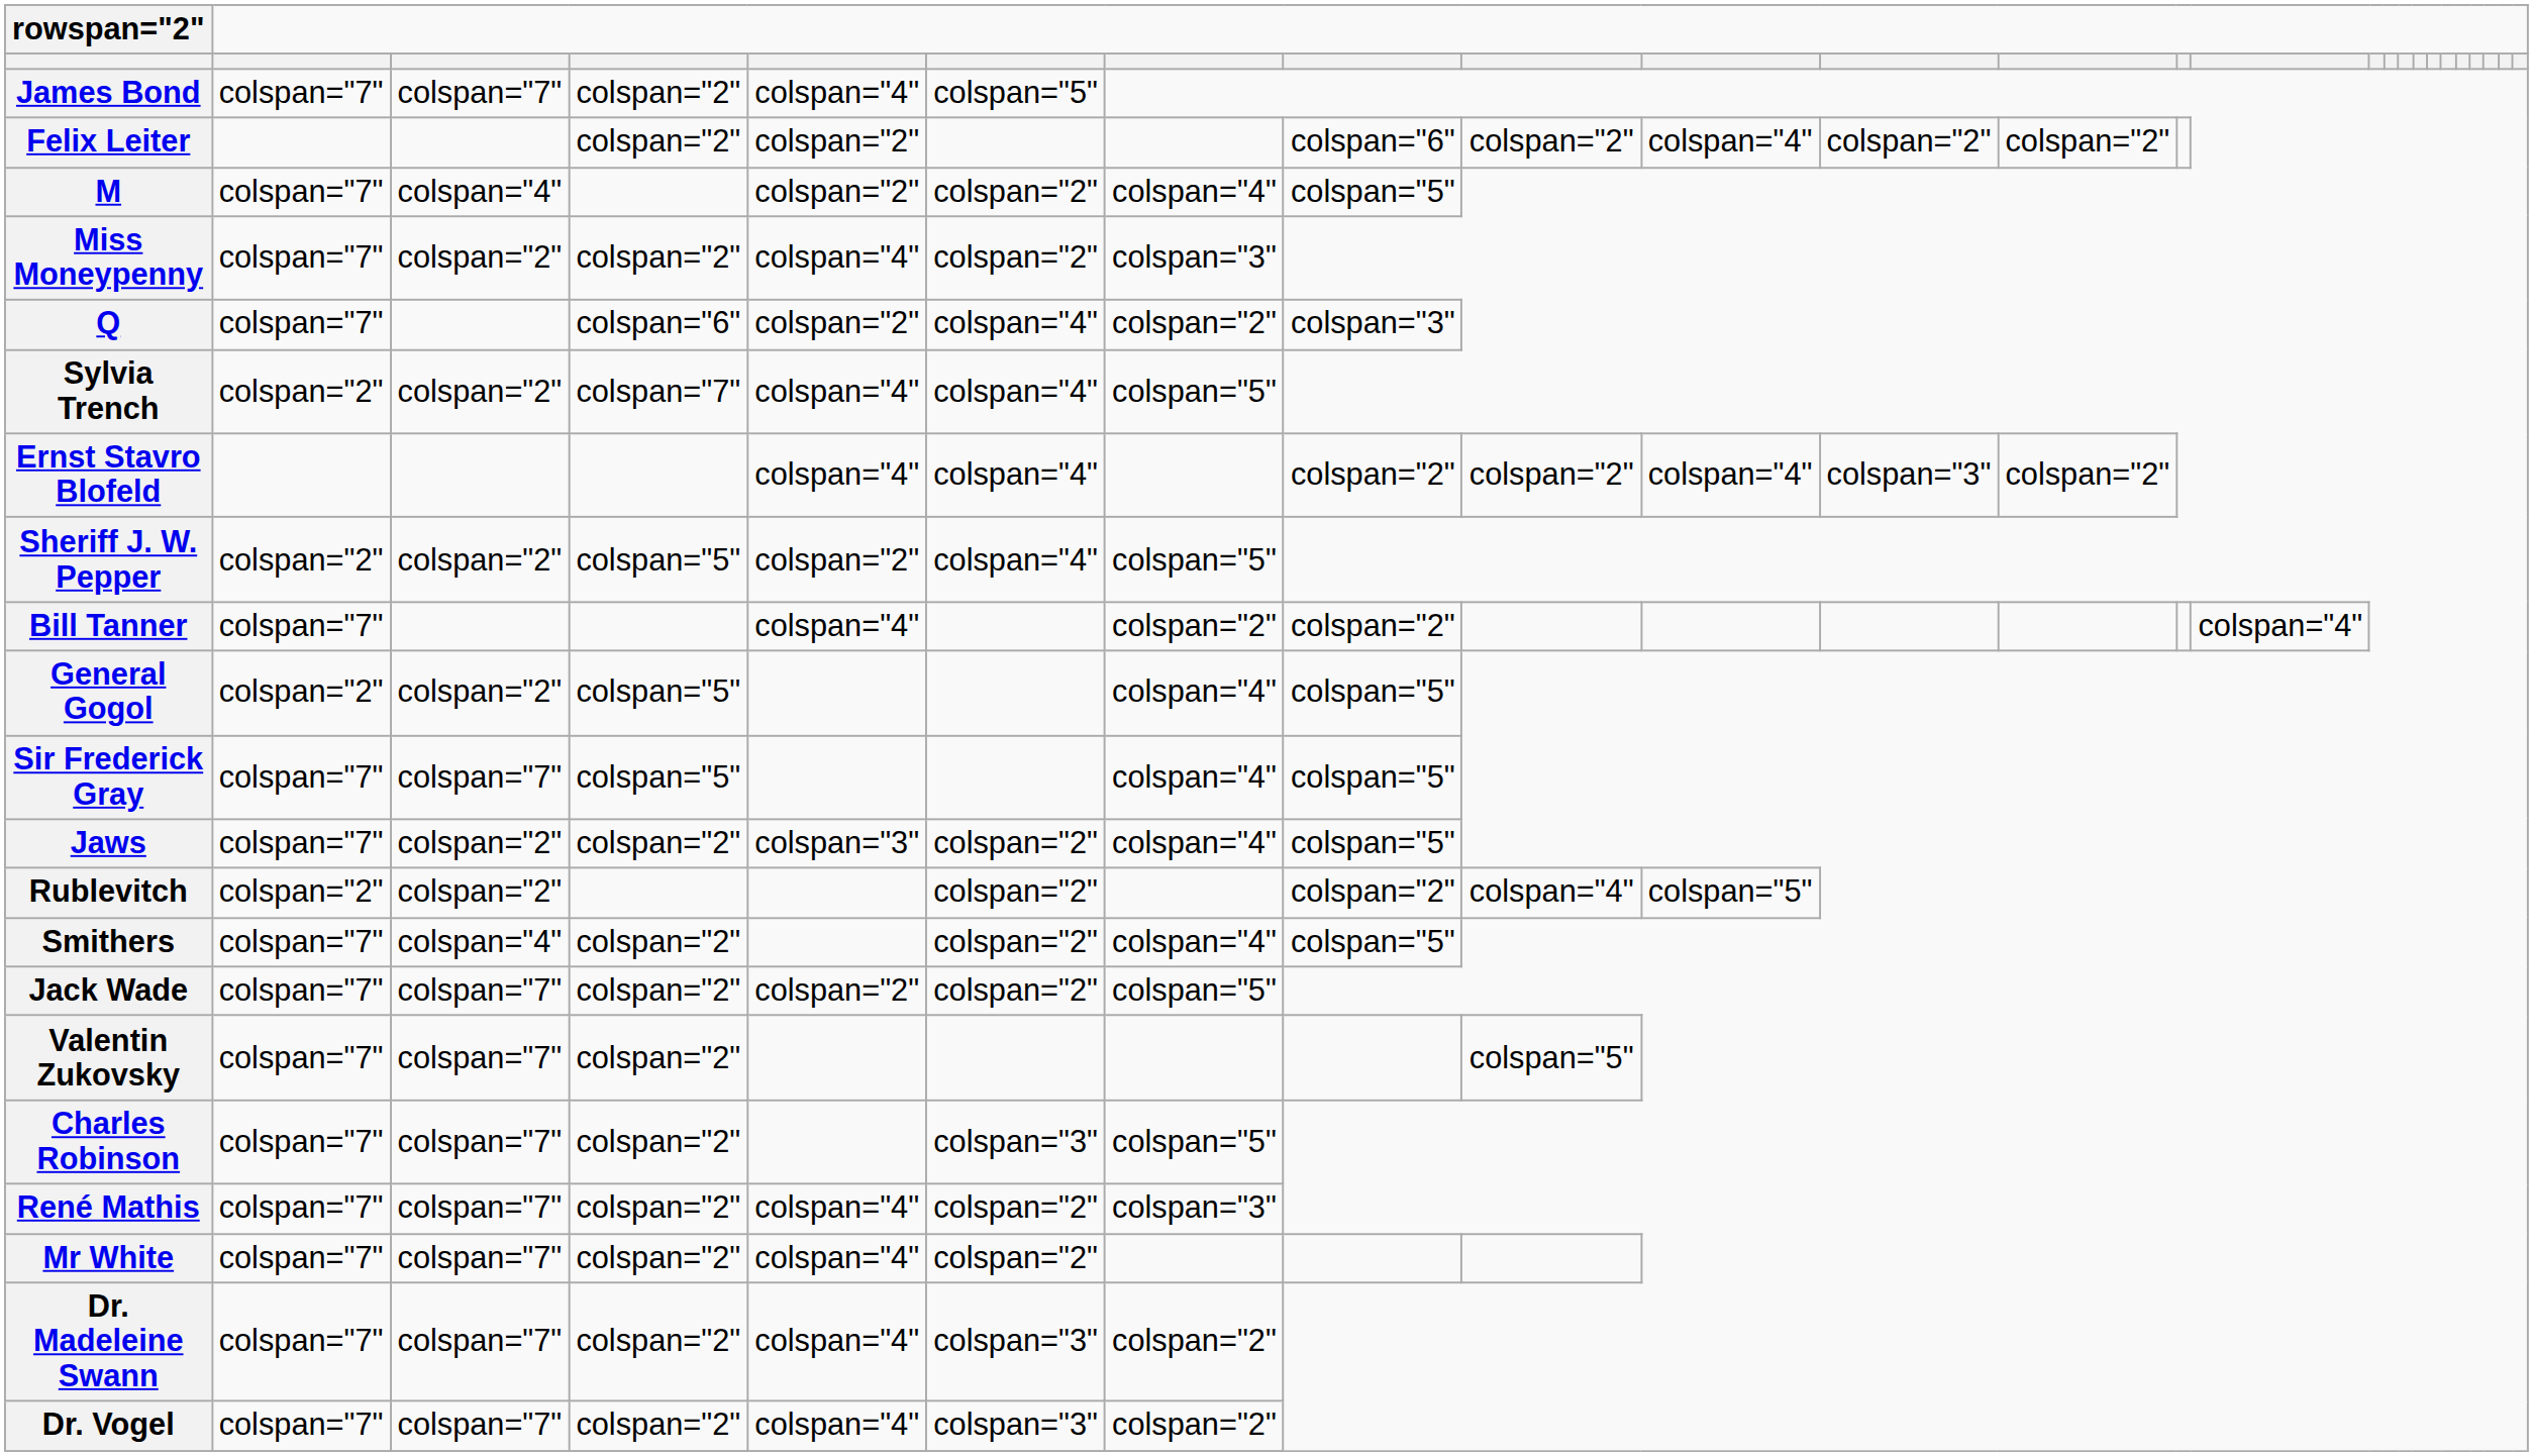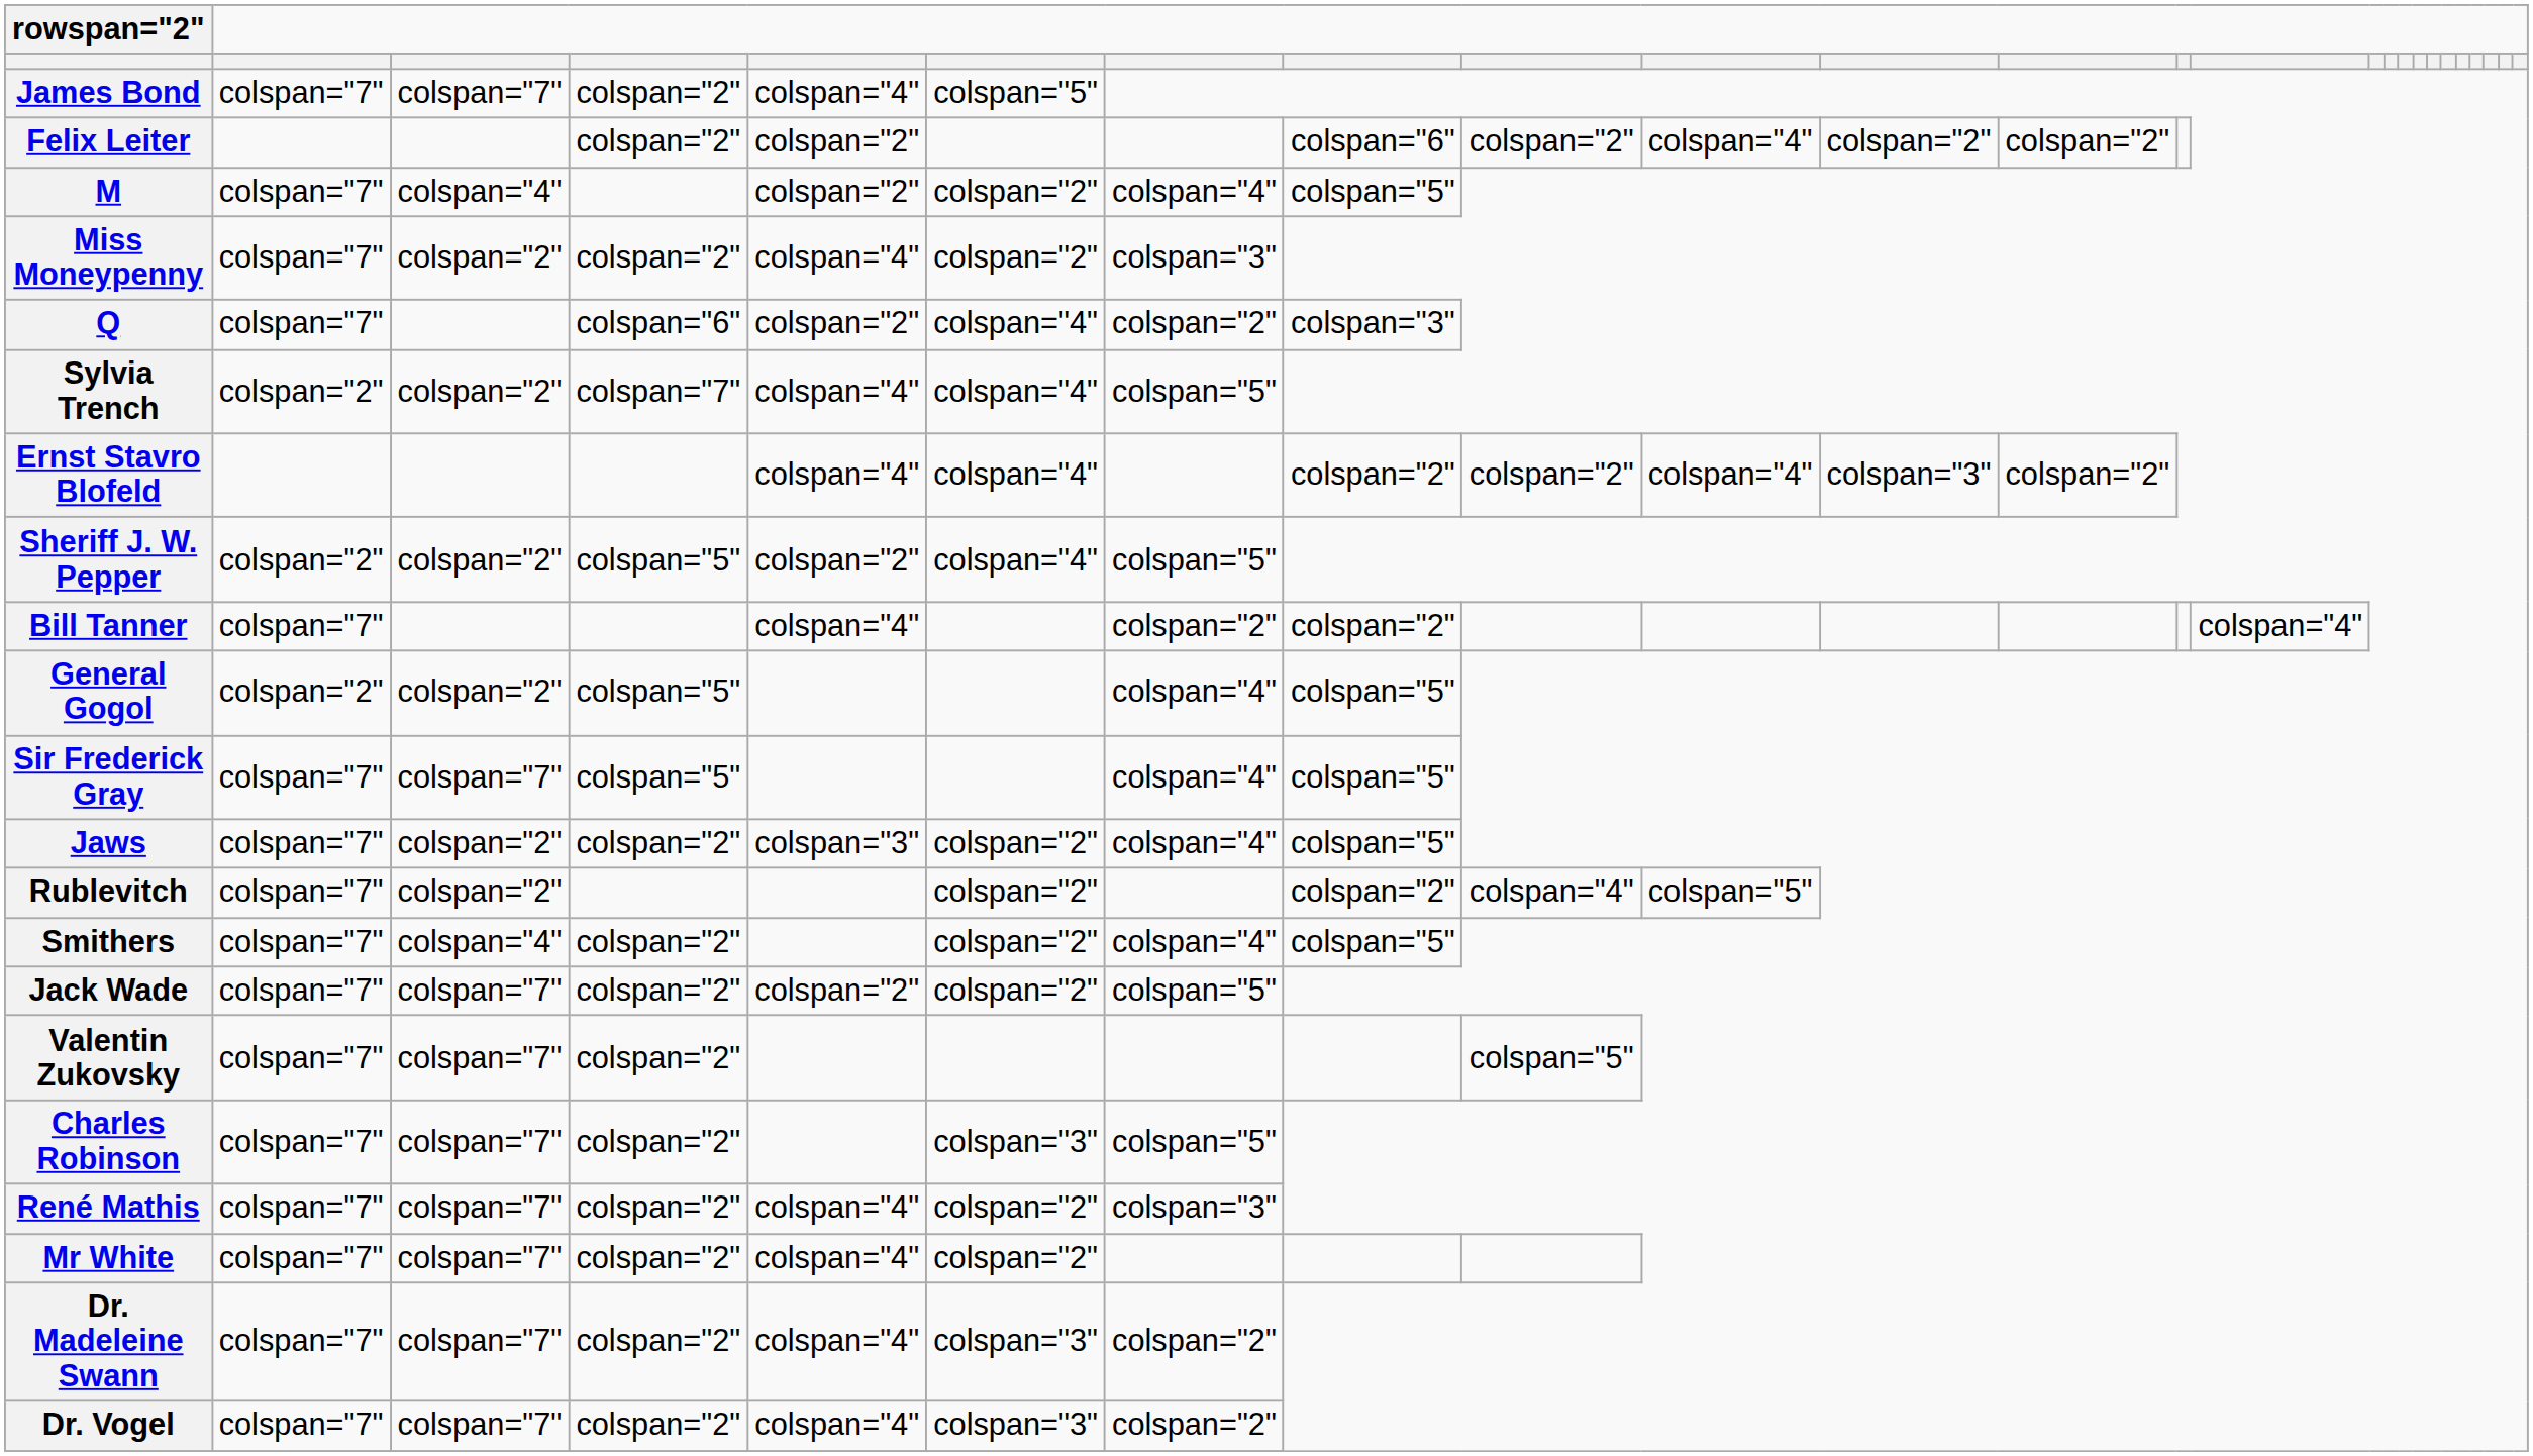 <table class="wikitable" style="text-align:center;vertical-align:bottom; width:75em;">
 <tr>
 <th>rowspan="2" </th>
 </tr>
 <tr>
 <th></th>
 <th></th>
 <th></th>
 <th></th>
 <th></th>
 <th></th>
 <th></th>
 <th></th>
 <th></th>
 <th></th>
 <th></th>
 <th></th>
 <th></th>
 <th></th>
 <th></th>
 <th></th>
 <th></th>
 <th></th>
 <th></th>
 <th></th>
 <th></th>
 <th></th>
 <th></th>
 <th></th>
 <th></th>
 </tr>
 <tr>
 <th scope="row" style="width:8em;"><a href='#'>James Bond<br></a></th>
 <td>colspan="7" </td>
 <td>colspan="7" </td>
 <td>colspan="2" </td>
 <td>colspan="4" </td>
 <td>colspan="5" </td>
 </tr>
 <tr>
 <th scope="row"><a href='#'>Felix Leiter</a></th>
 <td></td>
 <td></td>
 <td>colspan="2" </td>
 <td>colspan="2" </td>
 <td></td>
 <td></td>
 <td>colspan="6" </td>
 <td>colspan="2" </td>
 <td>colspan="4" </td>
 <td>colspan="2" </td>
 <td>colspan="2" </td>
 <td></td>
 </tr>
 <tr>
 <th scope="row"><a href='#'>M</a></th>
 <td>colspan="7" </td>
 <td>colspan="4" </td>
 <td></td>
 <td>colspan="2" </td>
 <td>colspan="2" </td>
 <td>colspan="4" </td>
 <td>colspan="5" </td>
 </tr>
 <tr>
 <th scope="row"><a href='#'>Miss Moneypenny</a></th>
 <td>colspan="7" </td>
 <td>colspan="2" </td>
 <td>colspan="2" </td>
 <td>colspan="4" </td>
 <td>colspan="2" </td>
 <td>colspan="3" </td>
 </tr>
 <tr>
 <th scope="row"><a href='#'>Q</a></th>
 <td>colspan="7" </td>
 <td></td>
 <td>colspan="6" </td>
 <td>colspan="2" </td>
 <td>colspan="4" </td>
 <td>colspan="2" </td>
 <td>colspan="3" </td>
 </tr>
 <tr>
 <th scope="row">Sylvia Trench</th>
 <td>colspan="2" </td>
 <td>colspan="2" </td>
 <td>colspan="7" </td>
 <td>colspan="4" </td>
 <td>colspan="4" </td>
 <td>colspan="5" </td>
 </tr>
 <tr>
 <th scope="row"><a href='#'>Ernst Stavro Blofeld</a></th>
 <td></td>
 <td></td>
 <td></td>
 <td>colspan="4" </td>
 <td>colspan="4" </td>
 <td></td>
 <td>colspan="2" </td>
 <td>colspan="2" </td>
 <td>colspan="4" </td>
 <td>colspan="3" </td>
 <td>colspan="2" </td>
 </tr>
 <tr>
 <th scope="row"><a href='#'>Sheriff J. W. Pepper</a></th>
 <td>colspan="2" </td>
 <td>colspan="2" </td>
 <td>colspan="5" </td>
 <td>colspan="2" </td>
 <td>colspan="4" </td>
 <td>colspan="5" </td>
 </tr>
 <tr>
 <th scope="row"><a href='#'>Bill Tanner</a></th>
 <td>colspan="7" </td>
 <td></td>
 <td></td>
 <td>colspan="4" </td>
 <td></td>
 <td>colspan="2" </td>
 <td>colspan="2" </td>
 <td></td>
 <td></td>
 <td></td>
 <td></td>
 <td></td>
 <td>colspan="4" </td>
 </tr>
 <tr>
 <th scope="row"><a href='#'>General Gogol</a></th>
 <td>colspan="2" </td>
 <td>colspan="2" </td>
 <td>colspan="5" </td>
 <td></td>
 <td></td>
 <td>colspan="4" </td>
 <td>colspan="5" </td>
 </tr>
 <tr>
 <th scope="row"><a href='#'>Sir Frederick Gray</a></th>
 <td>colspan="7" </td>
 <td>colspan="7" </td>
 <td>colspan="5" </td>
 <td></td>
 <td></td>
 <td>colspan="4" </td>
 <td>colspan="5" </td>
 </tr>
 <tr>
 <th scope="row"><a href='#'>Jaws</a></th>
 <td>colspan="7" </td>
 <td>colspan="2" </td>
 <td>colspan="2" </td>
 <td>colspan="3" </td>
 <td>colspan="2" </td>
 <td>colspan="4" </td>
 <td>colspan="5" </td>
 </tr>
 <tr>
 <th scope="row">Rublevitch</th>
-<td>colspan="2" </td>
+<td>colspan="7" </td>
 <td>colspan="2" </td>
 <td></td>
 <td></td>
 <td>colspan="2" </td>
 <td></td>
 <td>colspan="2" </td>
 <td>colspan="4" </td>
 <td>colspan="5" </td>
 </tr>
 <tr>
 <th scope="row">Smithers</th>
 <td>colspan="7" </td>
 <td>colspan="4" </td>
 <td>colspan="2" </td>
 <td></td>
 <td>colspan="2" </td>
 <td>colspan="4" </td>
 <td>colspan="5" </td>
 </tr>
 <tr>
 <th scope="row">Jack Wade</th>
 <td>colspan="7" </td>
 <td>colspan="7" </td>
 <td>colspan="2" </td>
 <td>colspan="2" </td>
 <td>colspan="2" </td>
 <td>colspan="5" </td>
 </tr>
 <tr>
 <th scope="row">Valentin Zukovsky</th>
 <td>colspan="7" </td>
 <td>colspan="7" </td>
 <td>colspan="2" </td>
 <td></td>
 <td></td>
 <td></td>
 <td></td>
 <td>colspan="5" </td>
 </tr>
 <tr>
 <th scope="row"><a href='#'>Charles Robinson</a></th>
 <td>colspan="7" </td>
 <td>colspan="7" </td>
 <td>colspan="2" </td>
 <td></td>
 <td>colspan="3" </td>
 <td>colspan="5" </td>
 </tr>
 <tr>
 <th scope="row"><a href='#'>René Mathis</a></th>
 <td>colspan="7" </td>
 <td>colspan="7" </td>
 <td>colspan="2" </td>
 <td>colspan="4" </td>
 <td>colspan="2" </td>
 <td>colspan="3" </td>
 </tr>
 <tr>
 <th scope="row"><a href='#'>Mr White</a></th>
 <td>colspan="7" </td>
 <td>colspan="7" </td>
 <td>colspan="2" </td>
 <td>colspan="4" </td>
 <td>colspan="2" </td>
 <td></td>
 <td></td>
 <td></td>
 </tr>
 <tr>
 <th scope="row">Dr. <a href='#'>Madeleine Swann</a></th>
 <td>colspan="7" </td>
 <td>colspan="7" </td>
 <td>colspan="2" </td>
 <td>colspan="4" </td>
 <td>colspan="3" </td>
 <td>colspan="2" </td>
 </tr>
 <tr>
 <th scope="row">Dr. Vogel</th>
 <td>colspan="7" </td>
 <td>colspan="7" </td>
 <td>colspan="2" </td>
 <td>colspan="4" </td>
 <td>colspan="3" </td>
 <td>colspan="2" </td>
 </tr>
 <tr>
 </tr>
 </table>
